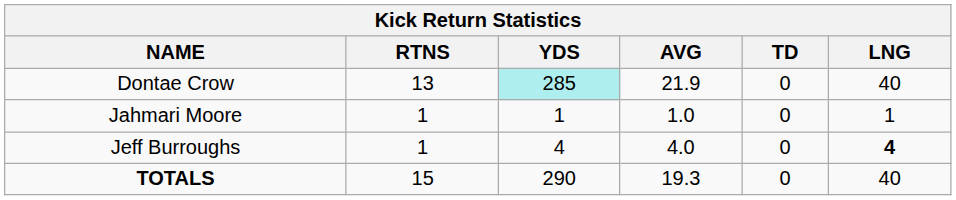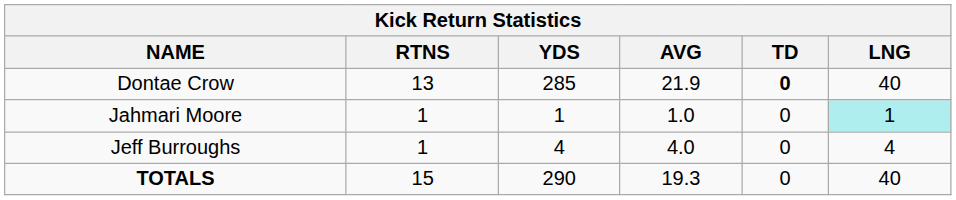 <table style="width:60%; text-align:center;" class="wikitable collapsible collapsed">
 <tr>
 <th colspan="8">Kick Return Statistics</th>
 </tr>
 <tr>
 <th>NAME</th>
 <th>RTNS</th>
 <th>YDS</th>
 <th>AVG</th>
 <th>TD</th>
 <th>LNG</th>
 </tr>
 <tr>
 <td>Dontae Crow</td>
 <td>13</td>
-<td style="background: paleturquoise;">285</td>
+<td>285</td>
 <td>21.9</td>
-<td>0</td>
+<td><strong>0</strong></td>
 <td>40</td>
 </tr>
 <tr>
 <td>Jahmari Moore</td>
 <td>1</td>
 <td>1</td>
 <td>1.0</td>
 <td>0</td>
-<td>1</td>
+<td style="background: paleturquoise;">1</td>
 </tr>
 <tr>
 <td>Jeff Burroughs</td>
 <td>1</td>
 <td>4</td>
 <td>4.0</td>
 <td>0</td>
-<td><strong>4</strong></td>
+<td>4</td>
 </tr>
 <tr>
 <td><strong>TOTALS</strong></td>
 <td>15</td>
 <td>290</td>
 <td>19.3</td>
 <td>0</td>
 <td>40</td>
 </tr>
 </table>
